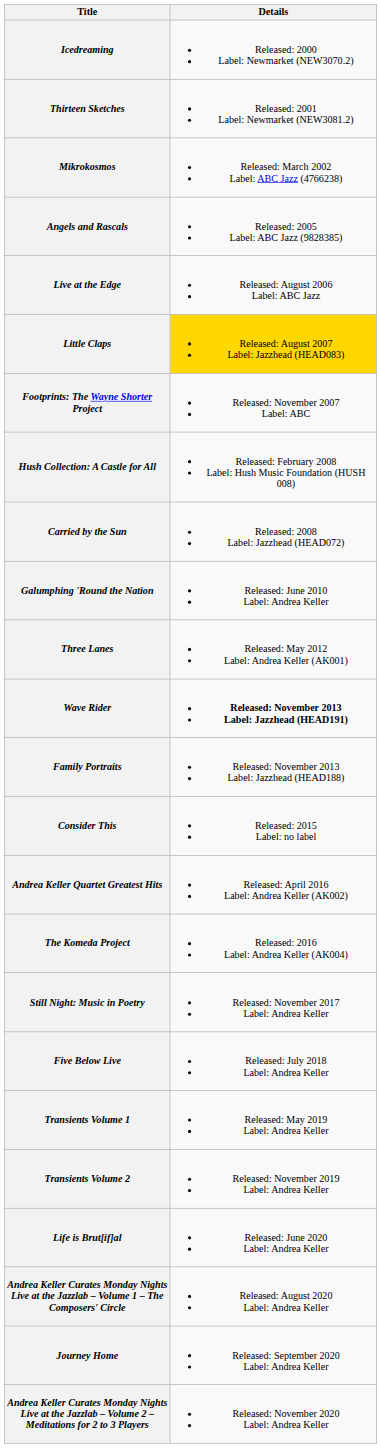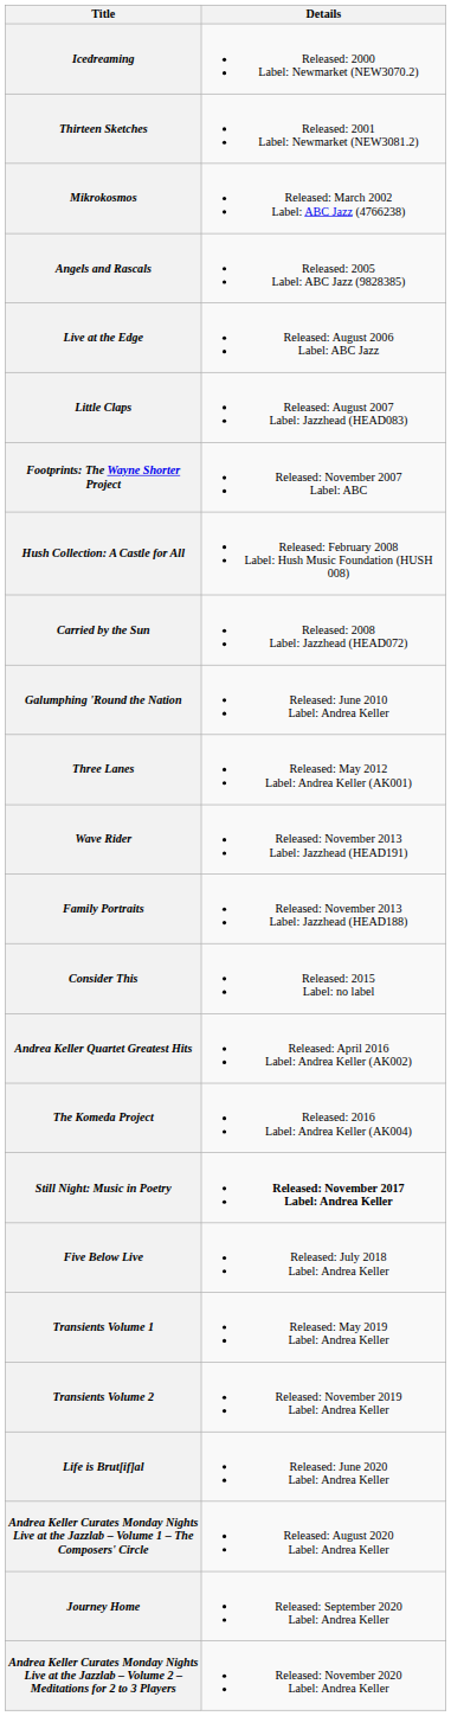 <table class="wikitable plainrowheaders" style="text-align:center;" border="1">
 <tr>
 <th scope="col" style="width:16em;">Title</th>
 <th scope="col" style="width:20em;">Details</th>
 </tr>
 <tr>
 <th scope="row"><em>Icedreaming</em> <br> </th>
 <td><br><ul><li>Released: 2000</li><li>Label: Newmarket (NEW3070.2)</li></ul></td>
 </tr>
 <tr>
 <th scope="row"><em>Thirteen Sketches</em> <br> </th>
 <td><br><ul><li>Released: 2001</li><li>Label: Newmarket (NEW3081.2)</li></ul></td>
 </tr>
 <tr>
 <th scope="row"><em>Mikrokosmos</em><br></th>
 <td><br><ul><li>Released: March 2002</li><li>Label: <a href='#'>ABC Jazz</a> (4766238)</li></ul></td>
 </tr>
 <tr>
 <th scope="row"><em>Angels and Rascals</em> <br> </th>
 <td><br><ul><li>Released: 2005</li><li>Label: ABC Jazz (9828385)</li></ul></td>
 </tr>
 <tr>
 <th scope="row"><em>Live at the Edge</em> <br> </th>
 <td><br><ul><li>Released: August 2006</li><li>Label: ABC Jazz</li></ul></td>
 </tr>
 <tr>
 <th scope="row"><em>Little Claps</em> <br> </th>
-<td style="background: gold;"><br><ul><li>Released: August 2007</li><li>Label: Jazzhead (HEAD083)</li></ul></td>
+<td><br><ul><li>Released: August 2007</li><li>Label: Jazzhead (HEAD083)</li></ul></td>
 </tr>
 <tr>
 <th scope="row"><em>Footprints: The <a href='#'>Wayne Shorter</a> Project</em></th>
 <td><br><ul><li>Released: November 2007</li><li>Label: ABC</li></ul></td>
 </tr>
 <tr>
 <th scope="row"><em>Hush Collection: A Castle for All</em></th>
 <td><br><ul><li>Released: February 2008</li><li>Label: Hush Music Foundation (HUSH 008)</li></ul></td>
 </tr>
 <tr>
 <th scope="row"><em>Carried by the Sun</em> <br> </th>
 <td><br><ul><li>Released: 2008</li><li>Label: Jazzhead (HEAD072)</li></ul></td>
 </tr>
 <tr>
 <th scope="row"><em>Galumphing 'Round the Nation</em> <br> </th>
 <td><br><ul><li>Released: June 2010</li><li>Label: Andrea Keller</li></ul></td>
 </tr>
 <tr>
 <th scope="row"><em>Three Lanes</em> <br> </th>
 <td><br><ul><li>Released: May 2012</li><li>Label: Andrea Keller (AK001)</li></ul></td>
 </tr>
 <tr>
 <th scope="row"><em>Wave Rider</em> <br> </th>
-<td><strong><br><ul><li>Released: November 2013</li><li>Label: Jazzhead (HEAD191)</li></ul></strong></td>
+<td><br><ul><li>Released: November 2013</li><li>Label: Jazzhead (HEAD191)</li></ul></td>
 </tr>
 <tr>
 <th scope="row"><em>Family Portraits</em></th>
 <td><br><ul><li>Released: November 2013</li><li>Label: Jazzhead (HEAD188)</li></ul></td>
 </tr>
 <tr>
 <th scope="row"><em>Consider This</em> <br> </th>
 <td><br><ul><li>Released: 2015</li><li>Label: no label</li></ul></td>
 </tr>
 <tr>
 <th scope="row"><em>Andrea Keller Quartet Greatest Hits</em> <br> </th>
 <td><br><ul><li>Released: April 2016</li><li>Label: Andrea Keller (AK002)</li></ul></td>
 </tr>
 <tr>
 <th scope="row"><em>The Komeda Project</em> <br> </th>
 <td><br><ul><li>Released: 2016</li><li>Label: Andrea Keller (AK004)</li></ul></td>
 </tr>
 <tr>
 <th scope="row"><em>Still Night: Music in Poetry</em></th>
-<td><br><ul><li>Released: November 2017</li><li>Label: Andrea Keller</li></ul></td>
+<td><strong><br><ul><li>Released: November 2017</li><li>Label: Andrea Keller</li></ul></strong></td>
 </tr>
 <tr>
 <th scope="row"><em>Five Below Live</em></th>
 <td><br><ul><li>Released: July 2018</li><li>Label: Andrea Keller</li></ul></td>
 </tr>
 <tr>
 <th scope="row"><em>Transients Volume 1</em></th>
 <td><br><ul><li>Released: May 2019</li><li>Label: Andrea Keller</li></ul></td>
 </tr>
 <tr>
 <th scope="row"><em>Transients Volume 2</em></th>
 <td><br><ul><li>Released: November 2019</li><li>Label: Andrea Keller</li></ul></td>
 </tr>
 <tr>
 <th scope="row"><em>Life is Brut[if]al</em> <br> </th>
 <td><br><ul><li>Released: June 2020</li><li>Label: Andrea Keller</li></ul></td>
 </tr>
 <tr>
 <th scope="row"><em>Andrea Keller Curates Monday Nights Live at the Jazzlab – Volume 1 – The Composers' Circle</em> <br> </th>
 <td><br><ul><li>Released: August 2020</li><li>Label: Andrea Keller</li></ul></td>
 </tr>
 <tr>
 <th scope="row"><em>Journey Home</em></th>
 <td><br><ul><li>Released: September 2020</li><li>Label: Andrea Keller</li></ul></td>
 </tr>
 <tr>
 <th scope="row"><em>Andrea Keller Curates Monday Nights Live at the Jazzlab – Volume 2 – Meditations for 2 to 3 Players</em></th>
 <td><br><ul><li>Released: November 2020</li><li>Label: Andrea Keller</li></ul></td>
 </tr>
 </table>
